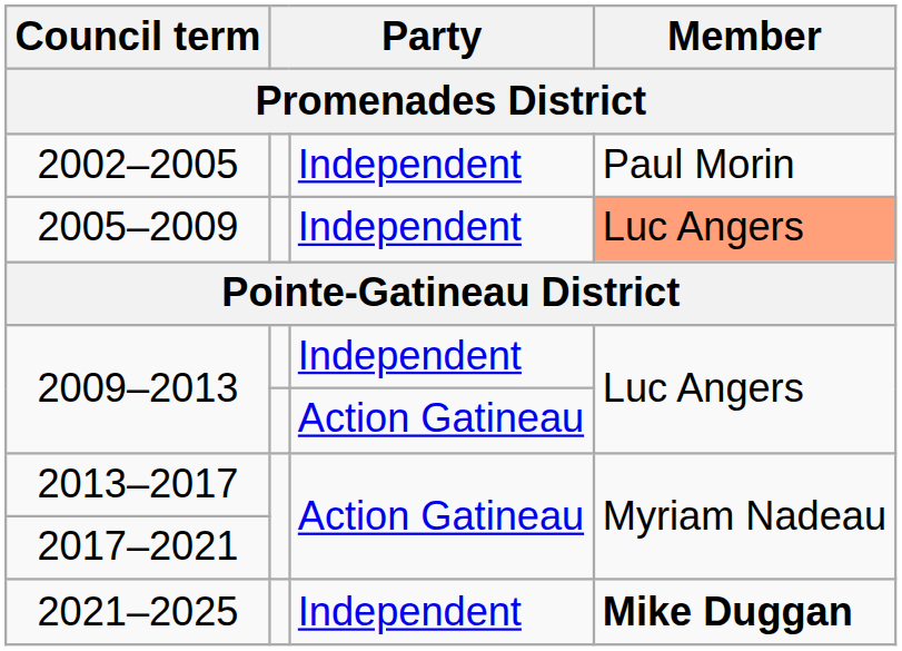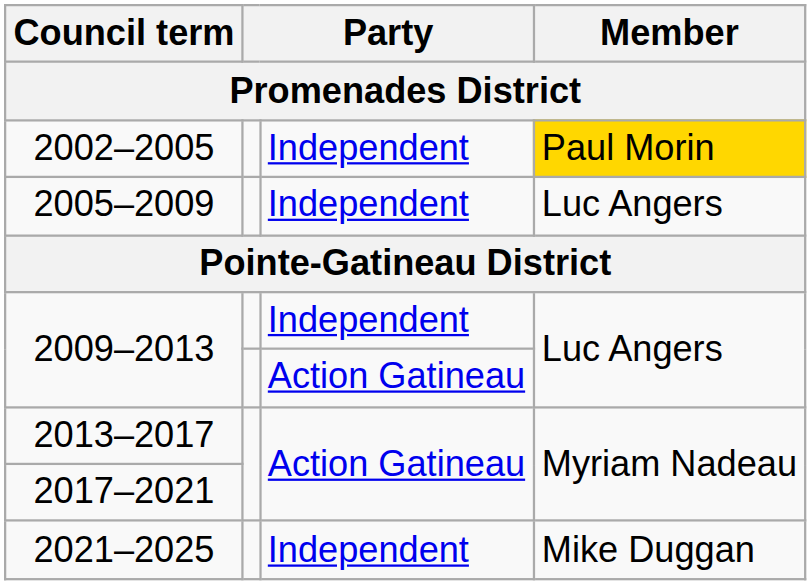 <table class="wikitable">
 <tr>
 <th>Council term</th>
 <th colspan="2">Party</th>
 <th>Member</th>
 </tr>
 <tr>
 <th colspan="4">Promenades District</th>
 </tr>
 <tr>
 <td align="center">2002–2005</td>
 <td style="color:inherit;background-color:"></td>
 <td><a href='#'>Independent</a></td>
-<td>Paul Morin</td>
+<td style="background: gold;">Paul Morin</td>
 </tr>
 <tr>
 <td align="center">2005–2009</td>
 <td style="color:inherit;background-color:"></td>
 <td><a href='#'>Independent</a></td>
-<td style="background: lightsalmon;">Luc Angers</td>
+<td>Luc Angers</td>
 </tr>
 <tr>
 <th colspan="4">Pointe-Gatineau District</th>
 </tr>
 <tr>
 <td rowspan="2" align="center">2009–2013</td>
 <td style="color:inherit;background-color:"></td>
 <td><a href='#'>Independent</a></td>
 <td rowspan="2">Luc Angers</td>
 </tr>
 <tr>
 <td style="color:inherit;background-color:"></td>
 <td><a href='#'>Action Gatineau</a></td>
 </tr>
 <tr>
 <td align="center">2013–2017</td>
 <td rowspan="2" style="color:inherit;background-color:"></td>
 <td rowspan="2"><a href='#'>Action Gatineau</a></td>
 <td rowspan="2">Myriam Nadeau</td>
 </tr>
 <tr>
 <td align="center">2017–2021</td>
 </tr>
 <tr>
 <td align="center">2021–2025</td>
 <td style="color:inherit;background-color:"></td>
 <td><a href='#'>Independent</a></td>
-<td><strong>Mike Duggan</strong></td>
+<td>Mike Duggan</td>
 </tr>
 </table>
